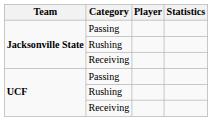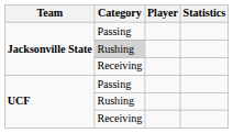 <table class="wikitable" style="float: right;">
 <tr>
 <th>Team</th>
 <th>Category</th>
 <th>Player</th>
 <th>Statistics</th>
 </tr>
 <tr>
 <td rowspan=3><strong>Jacksonville State</strong></td>
 <td>Passing</td>
 <td></td>
 <td></td>
 </tr>
 <tr>
-<td>Rushing</td>
+<td style="background: lightgrey;">Rushing</td>
 <td></td>
 <td></td>
 </tr>
 <tr>
 <td>Receiving</td>
 <td></td>
 <td></td>
 </tr>
 <tr>
 <td rowspan=3><strong>UCF</strong></td>
 <td>Passing</td>
 <td></td>
 <td></td>
 </tr>
 <tr>
 <td>Rushing</td>
 <td></td>
 <td></td>
 </tr>
 <tr>
 <td>Receiving</td>
 <td></td>
 <td></td>
 </tr>
 </table>
